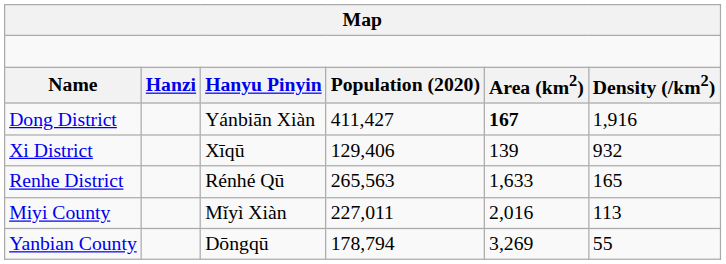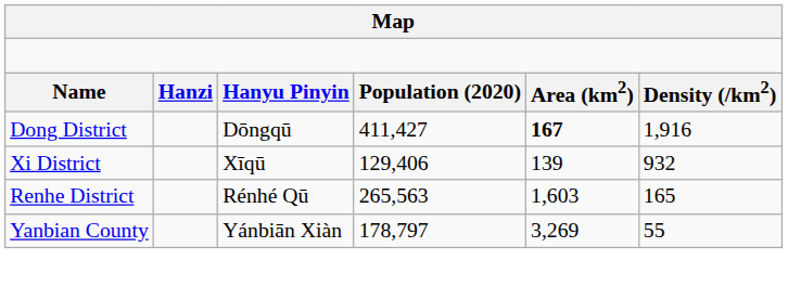 <table class="wikitable"  align=center>
 <tr>
 <th colspan="6" align="center">Map</th>
 </tr>
 <tr>
 <td colspan="6" align="center"><div><br>         </div></td>
 </tr>
 <tr>
 <th>Name</th>
 <th><a href='#'>Hanzi</a></th>
 <th><a href='#'>Hanyu Pinyin</a></th>
 <th>Population (2020)</th>
 <th>Area (km<sup>2</sup>)</th>
 <th>Density (/km<sup>2</sup>)</th>
 </tr>
 <tr --------->
 <td><a href='#'>Dong District</a></td>
 <td></td>
-<td>Yánbiān Xiàn</td>
+<td>Dōngqū</td>
 <td>411,427</td>
 <td><strong>167</strong></td>
 <td>1,916</td>
 </tr>
 <tr --------->
 <td><a href='#'>Xi District</a></td>
 <td></td>
 <td>Xīqū</td>
 <td>129,406</td>
 <td>139</td>
 <td>932</td>
 </tr>
 <tr --------->
 <td><a href='#'>Renhe District</a></td>
 <td></td>
 <td>Rénhé Qū</td>
 <td>265,563</td>
-<td>1,633</td>
+<td>1,603</td>
 <td>165</td>
-</tr>
-<tr --------->
-<td><a href='#'>Miyi County</a></td>
-<td></td>
-<td>Mǐyì Xiàn</td>
-<td>227,011</td>
-<td>2,016</td>
-<td>113</td>
 </tr>
 <tr --------->
 <td><a href='#'>Yanbian County</a></td>
 <td></td>
-<td>Dōngqū</td>
-<td>178,794</td>
+<td>Yánbiān Xiàn</td>
+<td>178,797</td>
 <td>3,269</td>
 <td>55</td>
 </tr>
 </table>
